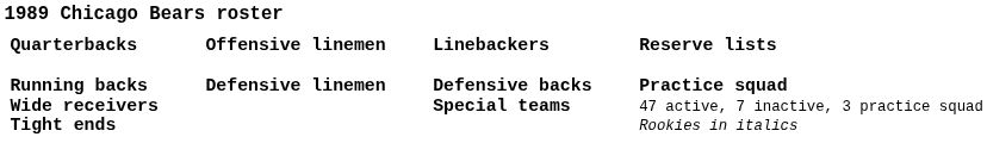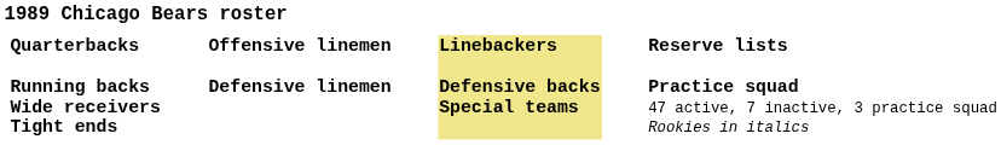 <table class="toccolours" style="text-align: left;">
 <tr>
 <th colspan="10">1989 Chicago Bears roster</th>
 </tr>
 <tr>
 <td colspan="10" align="left"></td>
 </tr>
 <tr>
 <td valign="top"></td>
 <td style="font-size: 95%;" valign="top"><strong>Quarterbacks</strong><br> <br><strong>Running backs</strong>      <br><strong>Wide receivers</strong>      <br><strong>Tight ends</strong>  </td>
 <td style="width: 25px;"></td>
 <td style="font-size: 95%;" valign="top"><strong>Offensive linemen</strong><br>        <br><strong>Defensive linemen</strong>      </td>
 <td style="width: 25px;"></td>
-<td style="font-size: 95%;" valign="top"><strong>Linebackers</strong><br>      <br><strong>Defensive backs</strong>        <br><strong>Special teams</strong>  </td>
+<td style="background: khaki; font-size: 95%;" valign="top"><strong>Linebackers</strong><br>      <br><strong>Defensive backs</strong>        <br><strong>Special teams</strong>  </td>
 <td style="width: 25px;"></td>
 <td style="font-size: 95%;" valign="top"><strong>Reserve lists</strong><br>      <br><strong>Practice squad</strong>   <br><small>47 active, 7 inactive, 3 practice squad</small><br><small><em>Rookies in italics</em></small></td>
 </tr>
 <tr>
 </tr>
 </table>
